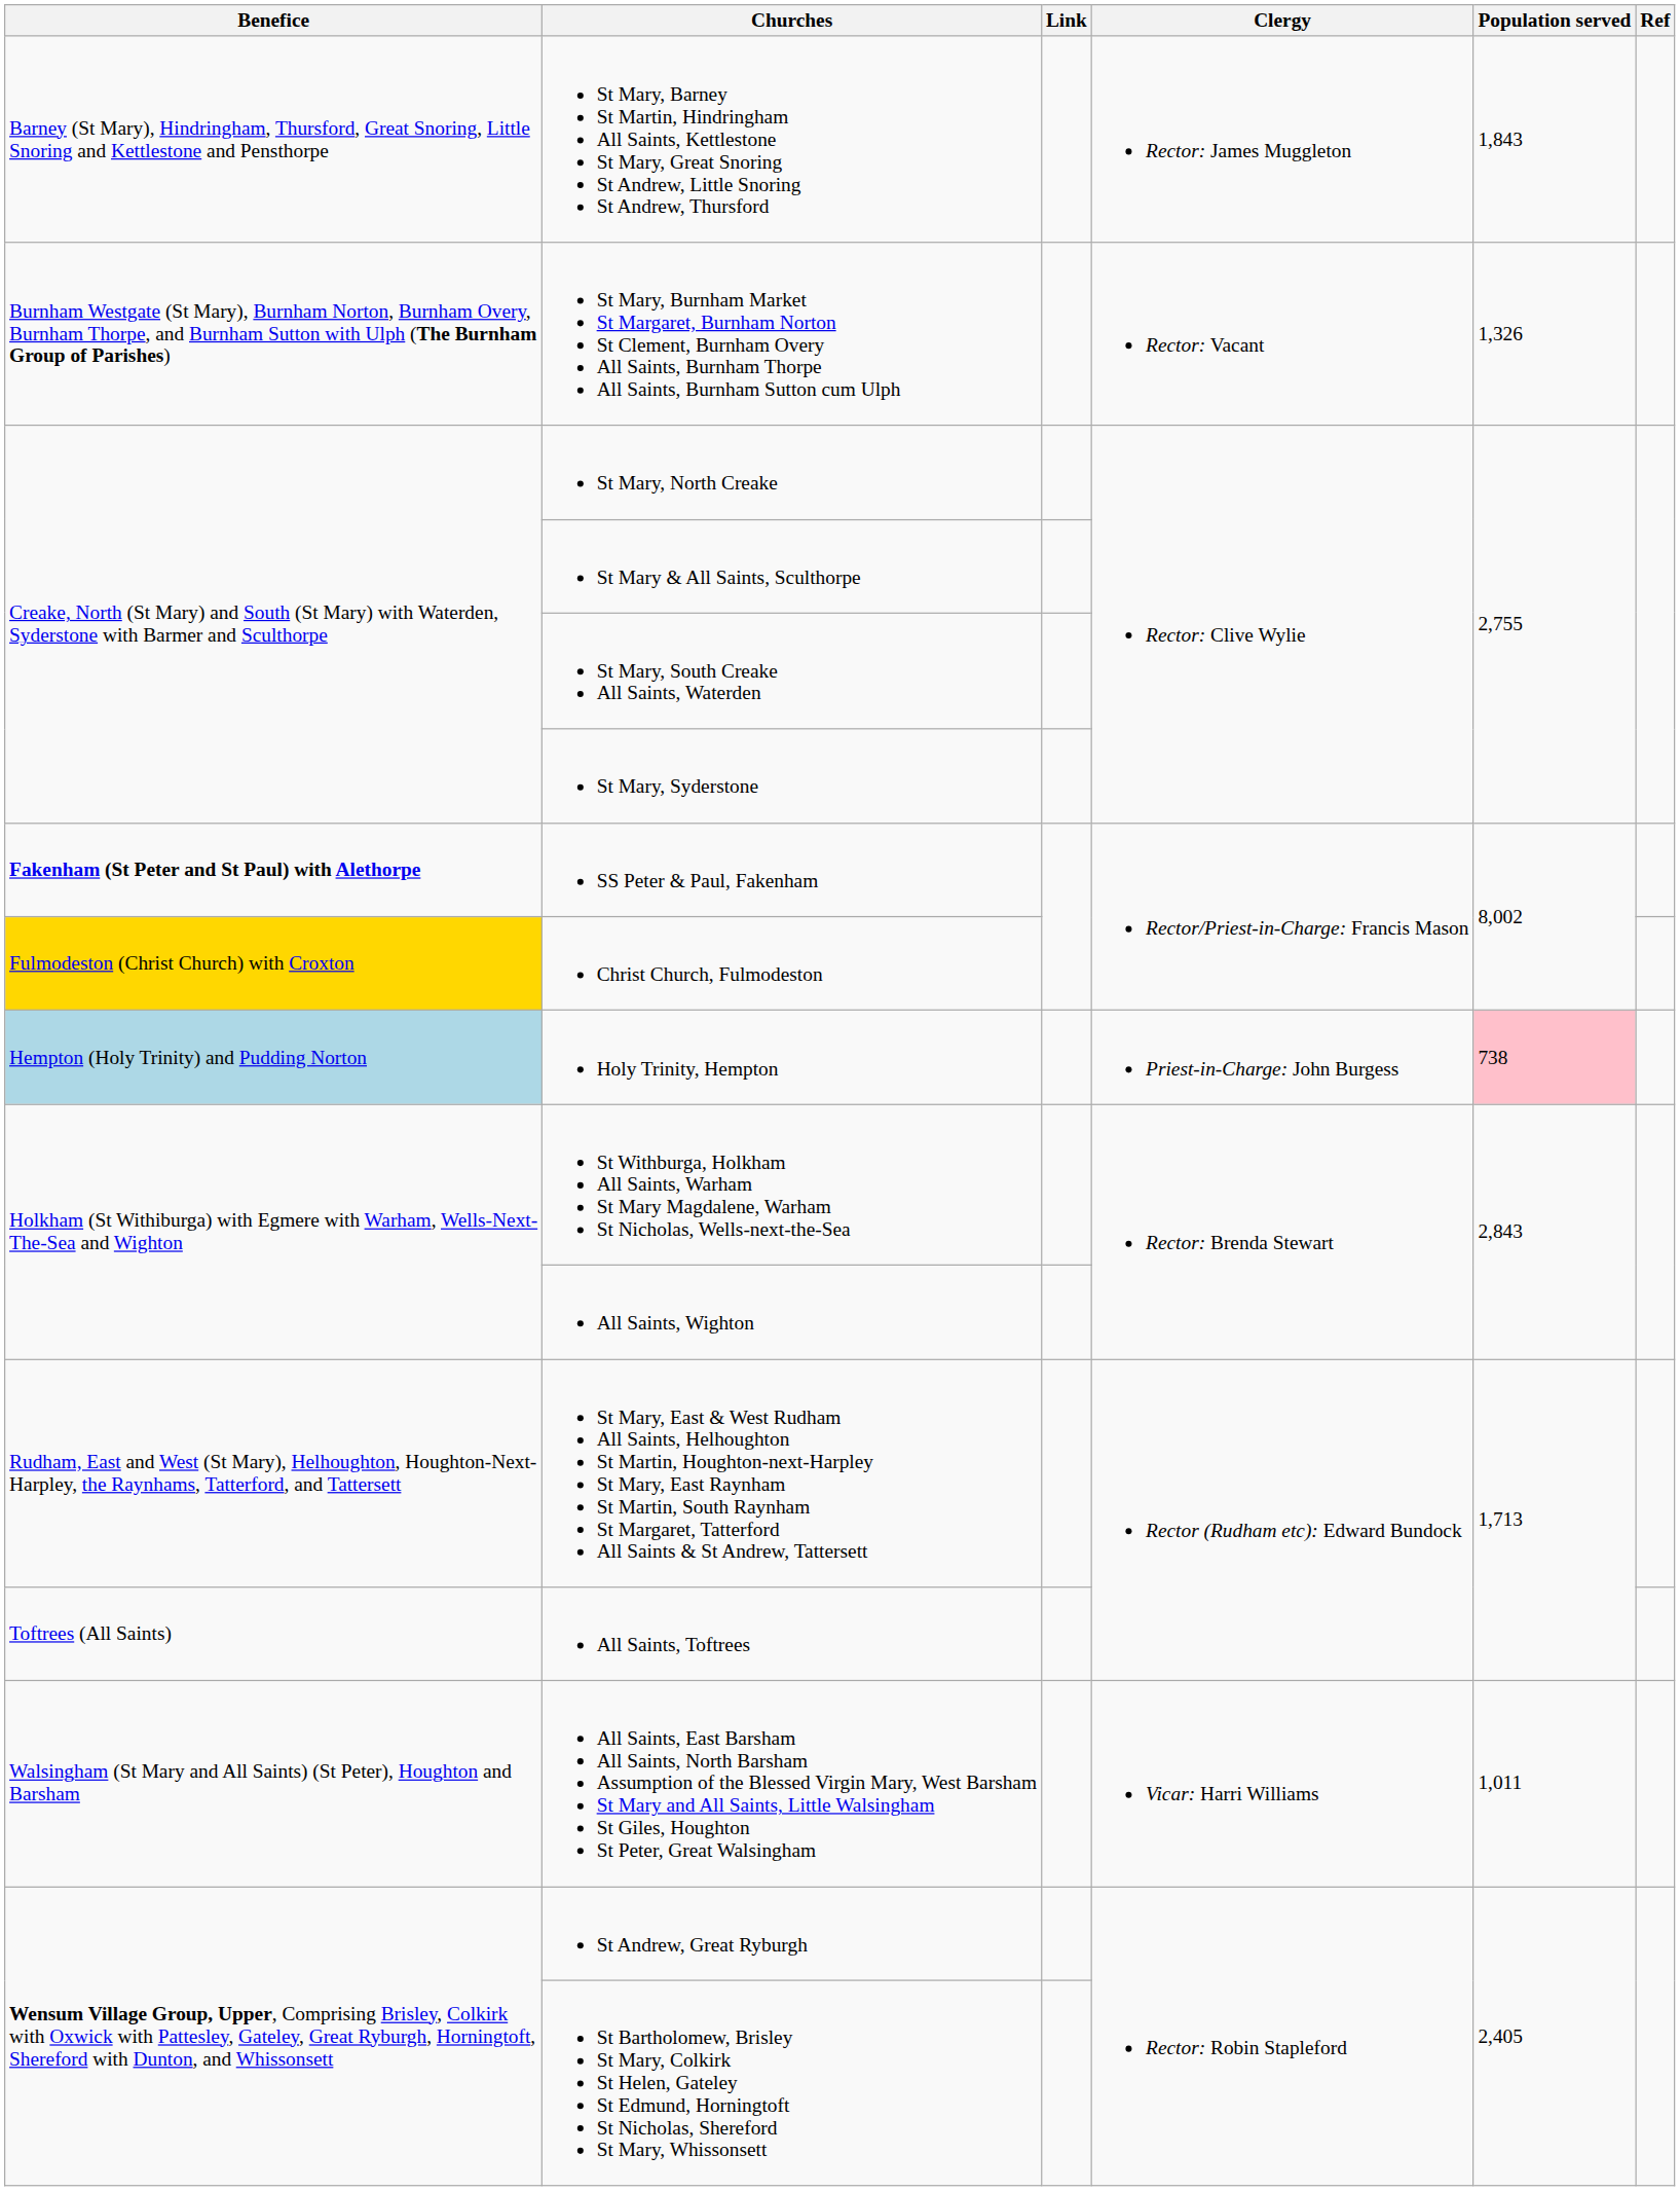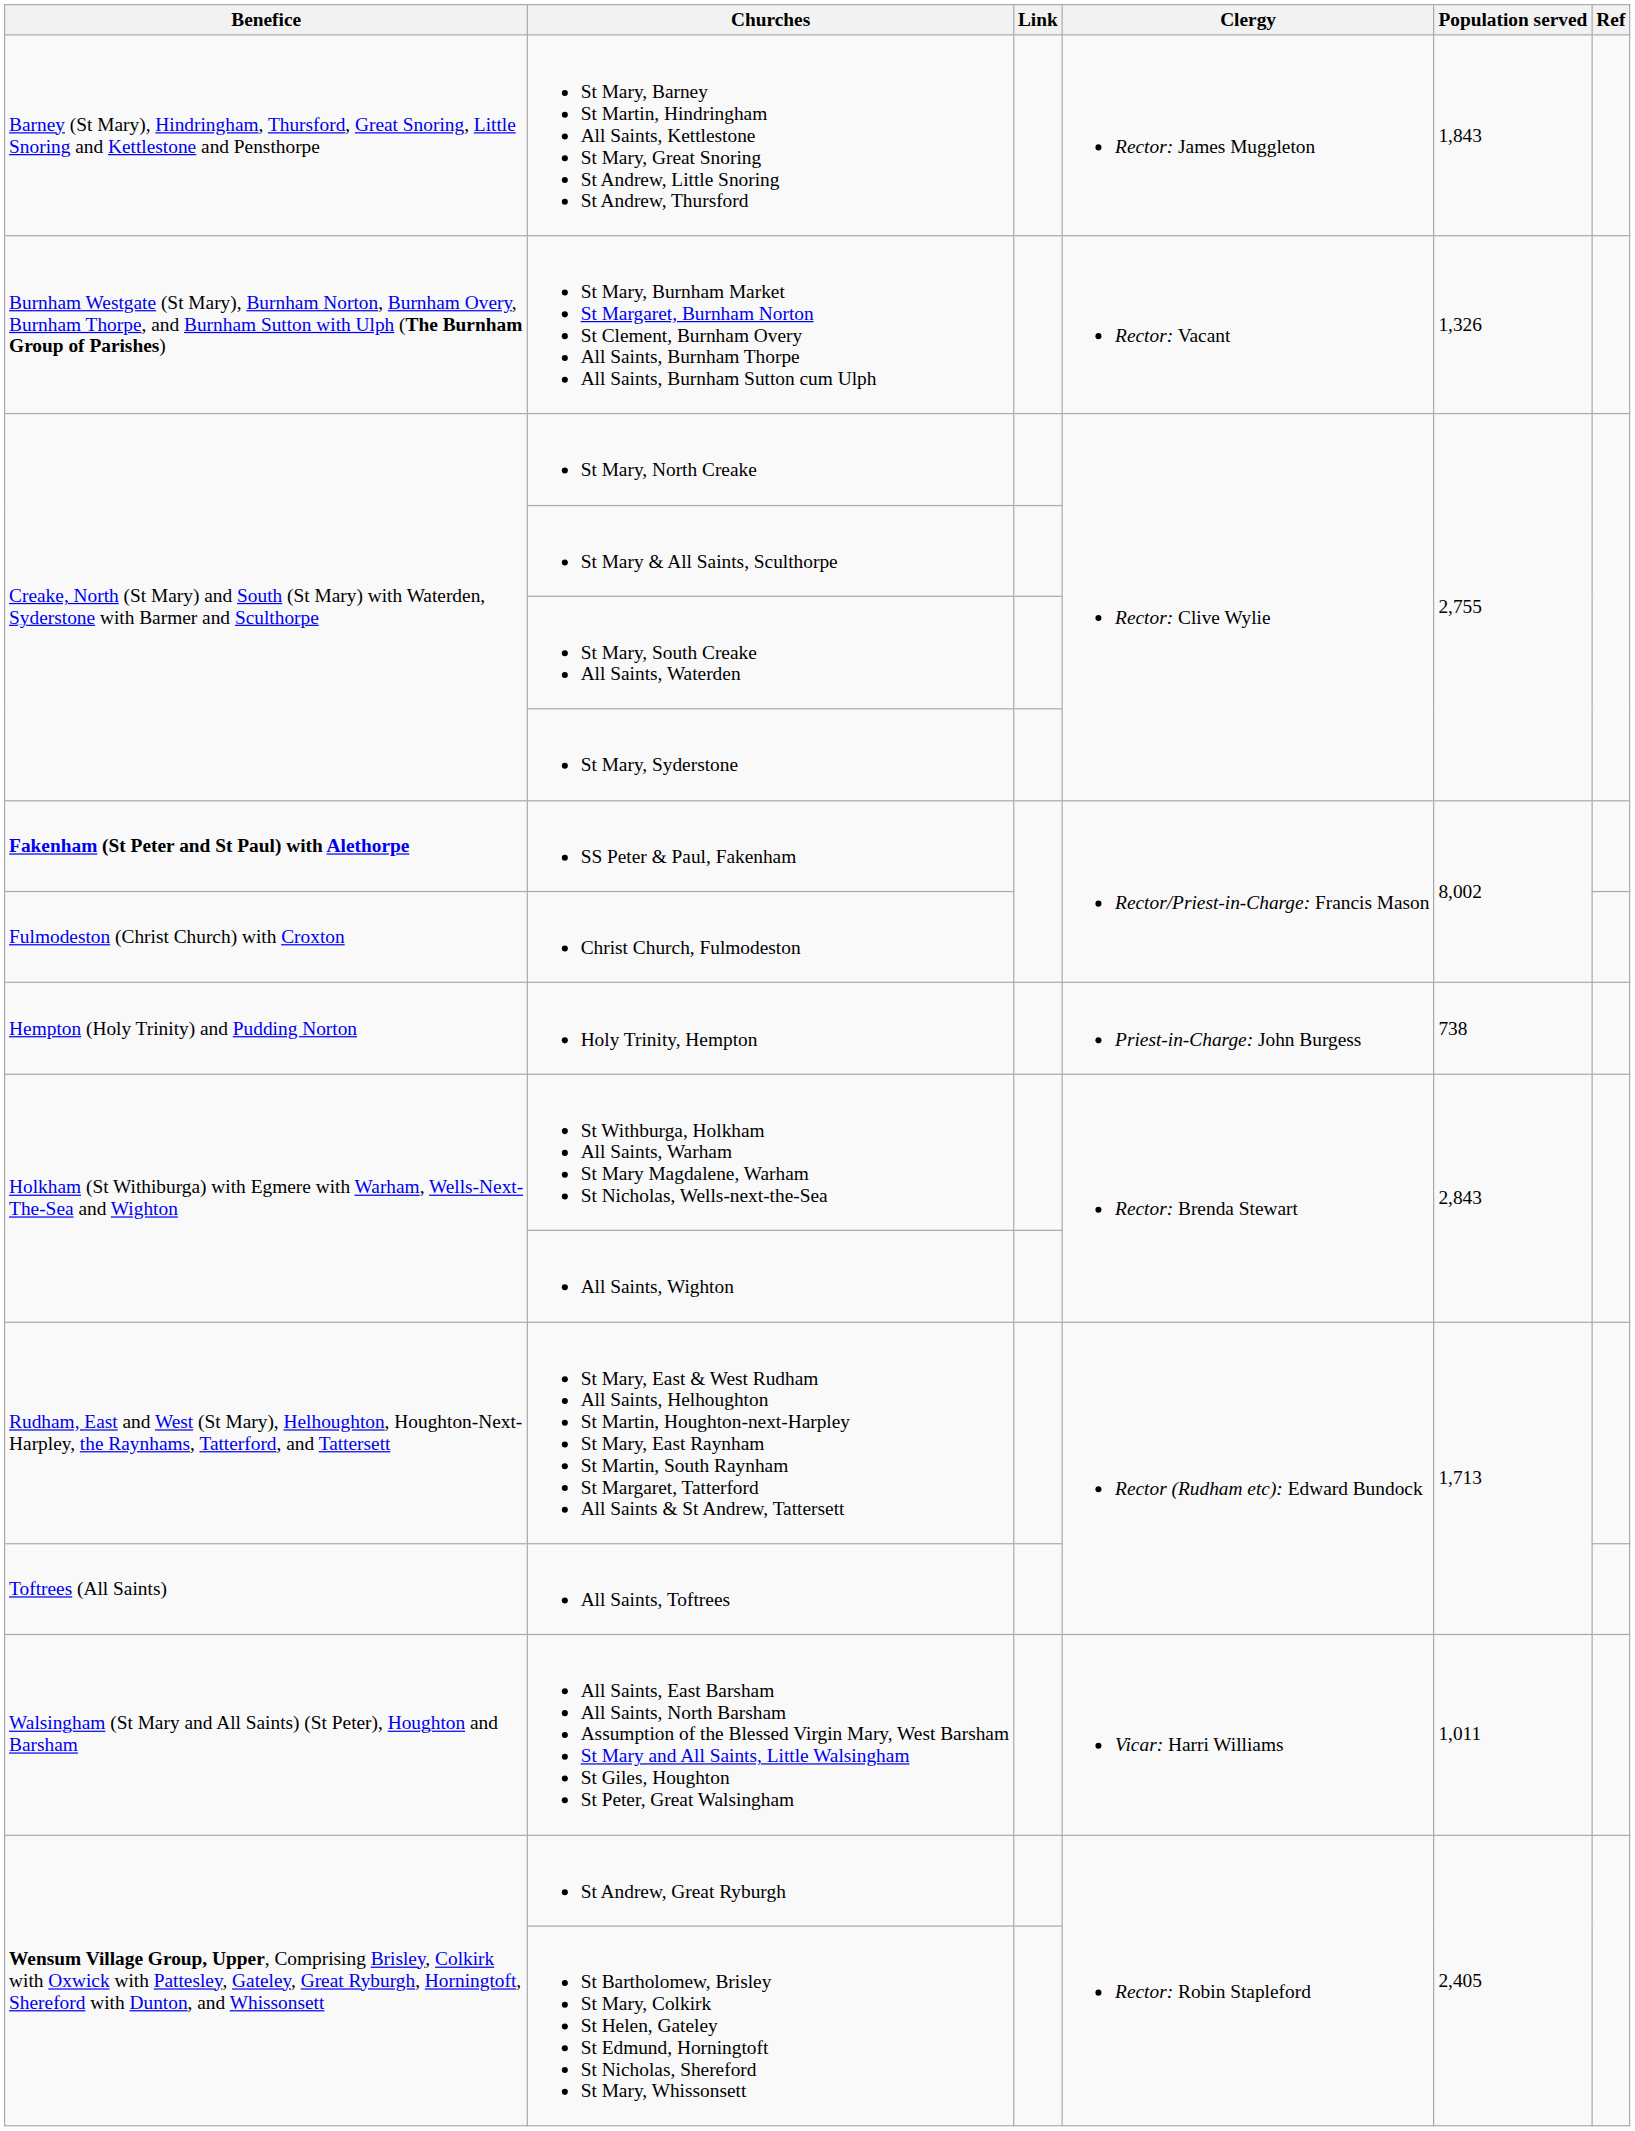 <table class="wikitable">
 <tr>
 <th width="425">Benefice</th>
 <th>Churches</th>
 <th>Link</th>
 <th>Clergy</th>
 <th>Population served</th>
 <th>Ref</th>
 </tr>
 <tr>
 <td><a href='#'>Barney</a> (St Mary), <a href='#'>Hindringham</a>, <a href='#'>Thursford</a>, <a href='#'>Great Snoring</a>, <a href='#'>Little Snoring</a> and <a href='#'>Kettlestone</a> and Pensthorpe</td>
 <td><br><ul><li>St Mary, Barney</li><li>St Martin, Hindringham</li><li>All Saints, Kettlestone</li><li>St Mary, Great Snoring</li><li>St Andrew, Little Snoring</li><li>St Andrew, Thursford</li></ul></td>
 <td></td>
 <td><br><ul><li><em>Rector:</em> James Muggleton</li></ul></td>
 <td>1,843</td>
 <td></td>
 </tr>
 <tr>
 <td><a href='#'>Burnham Westgate</a> (St Mary), <a href='#'>Burnham Norton</a>, <a href='#'>Burnham Overy</a>, <a href='#'>Burnham Thorpe</a>, and <a href='#'>Burnham Sutton with Ulph</a> (<strong>The Burnham Group of Parishes</strong>)</td>
 <td><br><ul><li>St Mary, Burnham Market</li><li><a href='#'>St Margaret, Burnham Norton</a></li><li>St Clement, Burnham Overy</li><li>All Saints, Burnham Thorpe</li><li>All Saints, Burnham Sutton cum Ulph</li></ul></td>
 <td></td>
 <td><br><ul><li><em>Rector:</em> Vacant</li></ul></td>
 <td>1,326</td>
 <td></td>
 </tr>
 <tr>
 <td rowspan="4"><a href='#'>Creake, North</a> (St Mary) and <a href='#'>South</a> (St Mary) with Waterden, <a href='#'>Syderstone</a> with Barmer and <a href='#'>Sculthorpe</a></td>
 <td><br><ul><li>St Mary, North Creake</li></ul></td>
 <td></td>
 <td rowspan="4"><br><ul><li><em>Rector:</em> Clive Wylie</li></ul></td>
 <td rowspan="4">2,755</td>
 <td rowspan="4"></td>
 </tr>
 <tr>
 <td><br><ul><li>St Mary & All Saints, Sculthorpe</li></ul></td>
 <td></td>
 </tr>
 <tr>
 <td><br><ul><li>St Mary, South Creake</li><li>All Saints, Waterden</li></ul></td>
 <td></td>
 </tr>
 <tr>
 <td><br><ul><li>St Mary, Syderstone</li></ul></td>
 <td></td>
 </tr>
 <tr>
 <td><strong><a href='#'>Fakenham</a> (St Peter and St Paul) with <a href='#'>Alethorpe</a></strong></td>
 <td><br><ul><li>SS Peter & Paul, Fakenham</li></ul></td>
 <td rowspan="2"></td>
 <td rowspan="2"><br><ul><li><em>Rector/Priest-in-Charge:</em> Francis Mason</li></ul></td>
 <td rowspan="2">8,002</td>
 <td></td>
 </tr>
 <tr>
-<td style="background: gold;"><a href='#'>Fulmodeston</a> (Christ Church) with <a href='#'>Croxton</a></td>
+<td><a href='#'>Fulmodeston</a> (Christ Church) with <a href='#'>Croxton</a></td>
 <td><br><ul><li>Christ Church, Fulmodeston</li></ul></td>
 <td></td>
 </tr>
 <tr>
-<td style="background: lightblue;"><a href='#'>Hempton</a> (Holy Trinity) and <a href='#'>Pudding Norton</a></td>
+<td><a href='#'>Hempton</a> (Holy Trinity) and <a href='#'>Pudding Norton</a></td>
 <td><br><ul><li>Holy Trinity, Hempton</li></ul></td>
 <td></td>
 <td><br><ul><li><em>Priest-in-Charge:</em> John Burgess</li></ul></td>
-<td style="background: pink;">738</td>
+<td>738</td>
 <td></td>
 </tr>
 <tr>
 <td rowspan="2"><a href='#'>Holkham</a> (St Withiburga) with Egmere with <a href='#'>Warham</a>, <a href='#'>Wells-Next-The-Sea</a> and <a href='#'>Wighton</a></td>
 <td><br><ul><li>St Withburga, Holkham</li><li>All Saints, Warham</li><li>St Mary Magdalene, Warham</li><li>St Nicholas, Wells-next-the-Sea</li></ul></td>
 <td></td>
 <td rowspan="2"><br><ul><li><em>Rector:</em> Brenda Stewart</li></ul></td>
 <td rowspan="2">2,843</td>
 <td rowspan="2"></td>
 </tr>
 <tr>
 <td><br><ul><li>All Saints, Wighton</li></ul></td>
 <td></td>
 </tr>
 <tr>
 <td><a href='#'>Rudham, East</a> and <a href='#'>West</a> (St Mary), <a href='#'>Helhoughton</a>, Houghton-Next-Harpley, <a href='#'>the Raynhams</a>, <a href='#'>Tatterford</a>, and <a href='#'>Tattersett</a></td>
 <td><br><ul><li>St Mary, East & West Rudham</li><li>All Saints, Helhoughton</li><li>St Martin, Houghton-next-Harpley</li><li>St Mary, East Raynham</li><li>St Martin, South Raynham</li><li>St Margaret, Tatterford</li><li>All Saints & St Andrew, Tattersett</li></ul></td>
 <td></td>
 <td rowspan="2"><br><ul><li><em>Rector (Rudham etc):</em> Edward Bundock</li></ul></td>
 <td rowspan="2">1,713</td>
 <td></td>
 </tr>
 <tr>
 <td><a href='#'>Toftrees</a> (All Saints)</td>
 <td><br><ul><li>All Saints, Toftrees</li></ul></td>
 <td></td>
 <td></td>
 </tr>
 <tr>
 <td><a href='#'>Walsingham</a> (St Mary and All Saints) (St Peter), <a href='#'>Houghton</a> and <a href='#'>Barsham</a></td>
 <td><br><ul><li>All Saints, East Barsham</li><li>All Saints, North Barsham</li><li>Assumption of the Blessed Virgin Mary, West Barsham</li><li><a href='#'>St Mary and All Saints, Little Walsingham</a></li><li>St Giles, Houghton</li><li>St Peter, Great Walsingham</li></ul></td>
 <td></td>
 <td><br><ul><li><em>Vicar:</em> Harri Williams</li></ul></td>
 <td>1,011</td>
 <td></td>
 </tr>
 <tr>
 <td rowspan="2"><strong>Wensum Village Group, Upper</strong>, Comprising <a href='#'>Brisley</a>, <a href='#'>Colkirk</a> with <a href='#'>Oxwick</a> with <a href='#'>Pattesley</a>, <a href='#'>Gateley</a>, <a href='#'>Great Ryburgh</a>, <a href='#'>Horningtoft</a>, <a href='#'>Shereford</a> with <a href='#'>Dunton</a>, and <a href='#'>Whissonsett</a></td>
 <td><br><ul><li>St Andrew, Great Ryburgh</li></ul></td>
 <td></td>
 <td rowspan="2"><br><ul><li><em>Rector:</em> Robin Stapleford</li></ul></td>
 <td rowspan="2">2,405</td>
 <td rowspan="2"></td>
 </tr>
 <tr>
 <td><br><ul><li>St Bartholomew, Brisley</li><li>St Mary, Colkirk</li><li>St Helen, Gateley</li><li>St Edmund, Horningtoft</li><li>St Nicholas, Shereford</li><li>St Mary, Whissonsett</li></ul></td>
 <td></td>
 </tr>
 </table>
